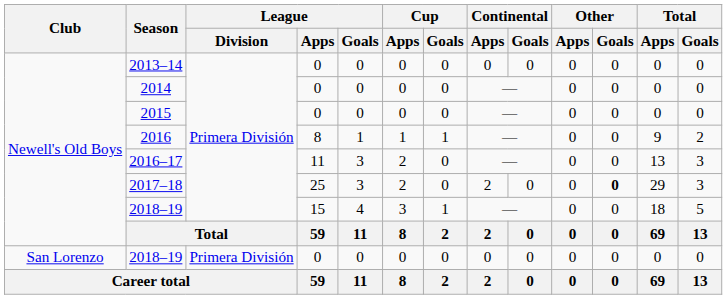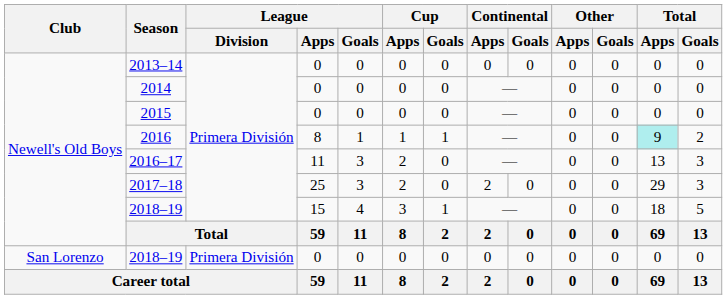 <table class="wikitable" style="text-align:center">
 <tr>
 <th rowspan="2">Club</th>
 <th rowspan="2">Season</th>
 <th colspan="3">League</th>
 <th colspan="2">Cup</th>
 <th colspan="2">Continental</th>
 <th colspan="2">Other</th>
 <th colspan="2">Total</th>
 </tr>
 <tr>
 <th>Division</th>
 <th>Apps</th>
 <th>Goals</th>
 <th>Apps</th>
 <th>Goals</th>
 <th>Apps</th>
 <th>Goals</th>
 <th>Apps</th>
 <th>Goals</th>
 <th>Apps</th>
 <th>Goals</th>
 </tr>
 <tr>
 <td rowspan="8"><a href='#'>Newell's Old Boys</a></td>
 <td><a href='#'>2013–14</a></td>
 <td rowspan="7"><a href='#'>Primera División</a></td>
 <td>0</td>
 <td>0</td>
 <td>0</td>
 <td>0</td>
 <td>0</td>
 <td>0</td>
 <td>0</td>
 <td>0</td>
 <td>0</td>
 <td>0</td>
 </tr>
 <tr>
 <td><a href='#'>2014</a></td>
 <td>0</td>
 <td>0</td>
 <td>0</td>
 <td>0</td>
 <td colspan="2">—</td>
 <td>0</td>
 <td>0</td>
 <td>0</td>
 <td>0</td>
 </tr>
 <tr>
 <td><a href='#'>2015</a></td>
 <td>0</td>
 <td>0</td>
 <td>0</td>
 <td>0</td>
 <td colspan="2">—</td>
 <td>0</td>
 <td>0</td>
 <td>0</td>
 <td>0</td>
 </tr>
 <tr>
 <td><a href='#'>2016</a></td>
 <td>8</td>
 <td>1</td>
 <td>1</td>
 <td>1</td>
 <td colspan="2">—</td>
 <td>0</td>
 <td>0</td>
-<td>9</td>
+<td style="background: paleturquoise;">9</td>
 <td>2</td>
 </tr>
 <tr>
 <td><a href='#'>2016–17</a></td>
 <td>11</td>
 <td>3</td>
 <td>2</td>
 <td>0</td>
 <td colspan="2">—</td>
 <td>0</td>
 <td>0</td>
 <td>13</td>
 <td>3</td>
 </tr>
 <tr>
 <td><a href='#'>2017–18</a></td>
 <td>25</td>
 <td>3</td>
 <td>2</td>
 <td>0</td>
 <td>2</td>
 <td>0</td>
 <td>0</td>
-<td><strong>0</strong></td>
+<td>0</td>
 <td>29</td>
 <td>3</td>
 </tr>
 <tr>
 <td><a href='#'>2018–19</a></td>
 <td>15</td>
 <td>4</td>
 <td>3</td>
 <td>1</td>
 <td colspan="2">—</td>
 <td>0</td>
 <td>0</td>
 <td>18</td>
 <td>5</td>
 </tr>
 <tr>
 <th colspan="2">Total</th>
 <th>59</th>
 <th>11</th>
 <th>8</th>
 <th>2</th>
 <th>2</th>
 <th>0</th>
 <th>0</th>
 <th>0</th>
 <th>69</th>
 <th>13</th>
 </tr>
 <tr>
 <td rowspan="1"><a href='#'>San Lorenzo</a></td>
 <td><a href='#'>2018–19</a></td>
 <td rowspan="1"><a href='#'>Primera División</a></td>
 <td>0</td>
 <td>0</td>
 <td>0</td>
 <td>0</td>
 <td>0</td>
 <td>0</td>
 <td>0</td>
 <td>0</td>
 <td>0</td>
 <td>0</td>
 </tr>
 <tr>
 <th colspan="3">Career total</th>
 <th>59</th>
 <th>11</th>
 <th>8</th>
 <th>2</th>
 <th>2</th>
 <th>0</th>
 <th>0</th>
 <th>0</th>
 <th>69</th>
 <th>13</th>
 </tr>
 </table>
